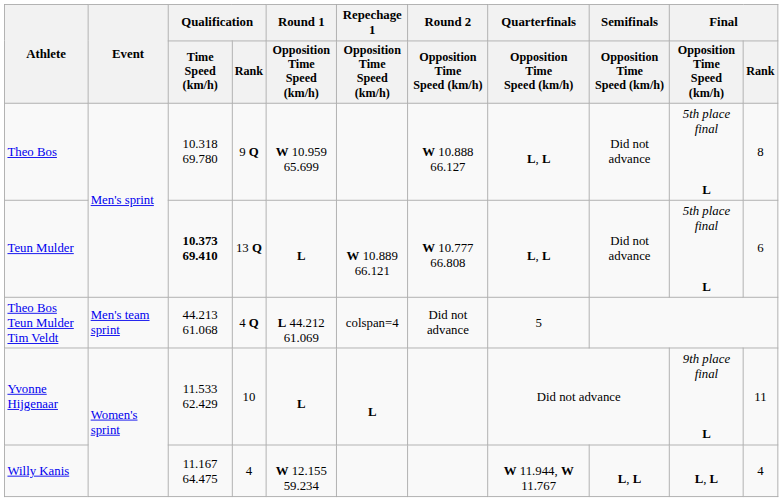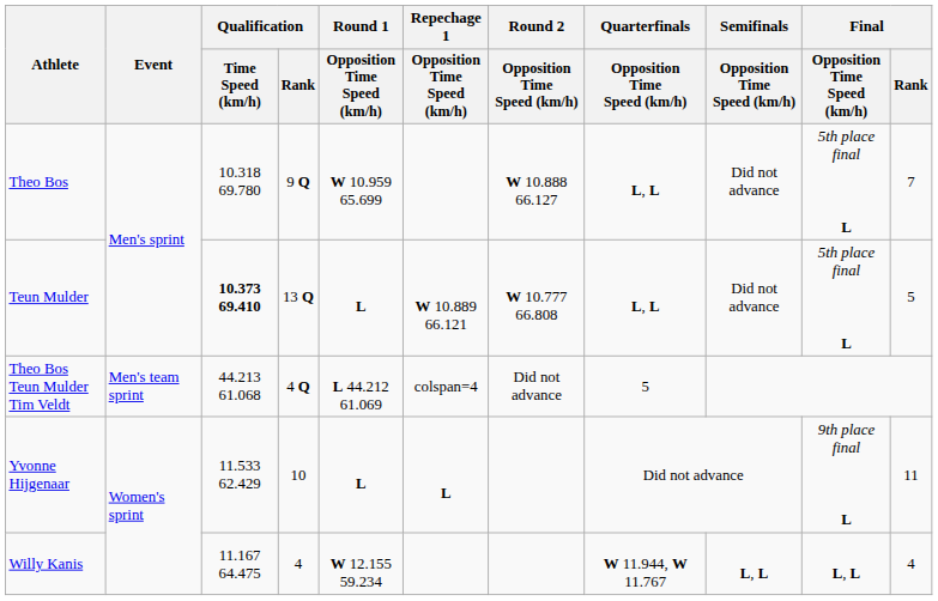 <table class="wikitable" style="font-size:90%">
 <tr>
 <th rowspan="2">Athlete</th>
 <th rowspan="2">Event</th>
 <th colspan=2>Qualification</th>
 <th>Round 1</th>
 <th>Repechage 1</th>
 <th>Round 2</th>
 <th>Quarterfinals</th>
 <th>Semifinals</th>
 <th colspan=2>Final</th>
 </tr>
 <tr style="font-size:95%">
 <th>Time<br>Speed (km/h)</th>
 <th>Rank</th>
 <th>Opposition<br>Time<br>Speed (km/h)</th>
 <th>Opposition<br>Time<br>Speed (km/h)</th>
 <th>Opposition<br>Time<br>Speed (km/h)</th>
 <th>Opposition<br>Time<br>Speed (km/h)</th>
 <th>Opposition<br>Time<br>Speed (km/h)</th>
 <th>Opposition<br>Time<br>Speed (km/h)</th>
 <th>Rank</th>
 </tr>
 <tr align=center>
 <td align=left><a href='#'>Theo Bos</a></td>
 <td align=left rowspan=2><a href='#'>Men's sprint</a></td>
 <td>10.318<br>69.780</td>
 <td>9 <strong>Q</strong></td>
 <td><br><strong>W</strong> 10.959<br>65.699</td>
 <td></td>
 <td><br><strong>W</strong> 10.888<br>66.127</td>
 <td><br><strong>L</strong>, <strong>L</strong></td>
 <td>Did not advance</td>
 <td><em>5th place final</em><br><br><br><br><strong>L</strong></td>
-<td>8</td>
+<td>7</td>
 </tr>
 <tr align=center>
 <td align=left><a href='#'>Teun Mulder</a></td>
 <td><strong>10.373<br>69.410</strong></td>
 <td>13 <strong>Q</strong></td>
 <td><br><strong>L</strong></td>
 <td><br><br><strong>W</strong> 10.889<br>66.121</td>
 <td><br><strong>W</strong> 10.777<br>66.808</td>
 <td><br><strong>L</strong>, <strong>L</strong></td>
 <td>Did not advance</td>
 <td><em>5th place final</em><br><br><br><br><strong>L</strong></td>
-<td>6</td>
+<td>5</td>
 </tr>
 <tr align=center>
 <td align=left><a href='#'>Theo Bos</a><br><a href='#'>Teun Mulder</a><br><a href='#'>Tim Veldt</a></td>
 <td align=left><a href='#'>Men's team sprint</a></td>
 <td>44.213<br>61.068</td>
 <td>4 <strong>Q</strong></td>
 <td><br><strong>L</strong> 44.212<br>61.069</td>
 <td>colspan=4 </td>
 <td>Did not advance</td>
 <td>5</td>
 </tr>
 <tr align=center>
 <td align=left><a href='#'>Yvonne Hijgenaar</a></td>
 <td align=left rowspan=2><a href='#'>Women's sprint</a></td>
 <td>11.533<br>62.429</td>
 <td>10</td>
 <td><br><strong>L</strong></td>
 <td><br><br><strong>L</strong></td>
 <td></td>
 <td colspan=2>Did not advance</td>
 <td><em>9th place final</em><br><br><br><br><strong>L</strong></td>
 <td>11</td>
 </tr>
 <tr align=center>
 <td align=left><a href='#'>Willy Kanis</a></td>
 <td>11.167<br>64.475</td>
 <td>4</td>
 <td><br><strong>W</strong> 12.155<br>59.234</td>
 <td></td>
 <td></td>
 <td><br><strong>W</strong> 11.944, <strong>W</strong> 11.767</td>
 <td><br><strong>L</strong>, <strong>L</strong></td>
 <td><br><strong>L</strong>, <strong>L</strong></td>
 <td>4</td>
 </tr>
 </table>
